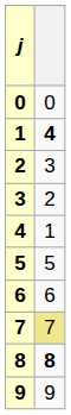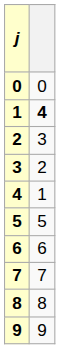 <table class="wikitable" style="text-align:center">
 <tr valign="middle">
 <th style="background:#ffc; width:1em; height:3.5em;"><em>j</em></th>
 <th style="width:1em; height:3.5em;"></th>
 </tr>
 <tr>
 <th style="background:#ffc; width:1em">0</th>
 <td>0</td>
 </tr>
 <tr valign="bottom">
 <th style="background:#ffc">1</th>
 <td><strong>4</strong></td>
 </tr>
 <tr valign="bottom">
 <th style="background:#ffc">2</th>
 <td>3</td>
 </tr>
 <tr valign="bottom">
 <th style="background:#ffc">3</th>
 <td>2</td>
 </tr>
 <tr valign="bottom">
 <th style="background:#ffc">4</th>
 <td>1</td>
 </tr>
 <tr valign="bottom">
 <th style="background:#ffc">5</th>
 <td>5</td>
 </tr>
 <tr valign="bottom">
 <th style="background:#ffc">6</th>
 <td>6</td>
 </tr>
 <tr valign="bottom">
 <th style="background:#ffc">7</th>
-<td style="background: khaki;">7</td>
+<td>7</td>
 </tr>
 <tr valign="bottom">
 <th style="background:#ffc">8</th>
-<td><strong>8</strong></td>
+<td>8</td>
 </tr>
 <tr valign="bottom">
 <th style="background:#ffc">9</th>
 <td>9</td>
 </tr>
 </table>
